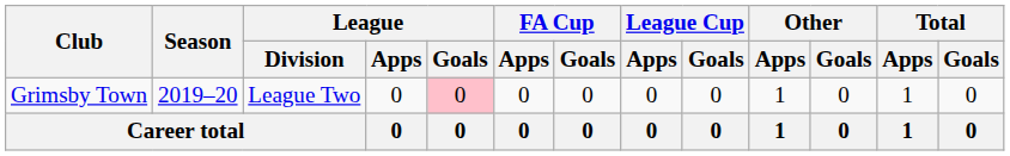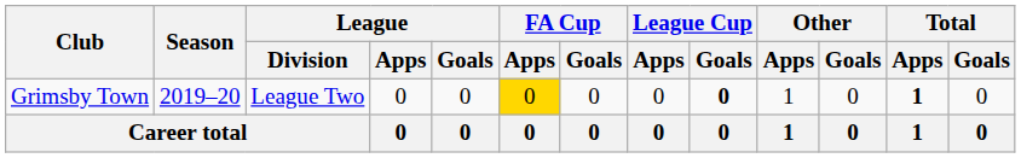 <table class="wikitable" style="text-align: center">
 <tr>
 <th rowspan="2">Club</th>
 <th rowspan="2">Season</th>
 <th colspan="3">League</th>
 <th colspan="2"><a href='#'>FA Cup</a></th>
 <th colspan="2"><a href='#'>League Cup</a></th>
 <th colspan="2">Other</th>
 <th colspan="2">Total</th>
 </tr>
 <tr>
 <th>Division</th>
 <th>Apps</th>
 <th>Goals</th>
 <th>Apps</th>
 <th>Goals</th>
 <th>Apps</th>
 <th>Goals</th>
 <th>Apps</th>
 <th>Goals</th>
 <th>Apps</th>
 <th>Goals</th>
 </tr>
 <tr>
 <td><a href='#'>Grimsby Town</a></td>
 <td><a href='#'>2019–20</a></td>
 <td><a href='#'>League Two</a></td>
 <td>0</td>
-<td style="background: pink;">0</td>
+<td>0</td>
+<td style="background: gold;">0</td>
 <td>0</td>
 <td>0</td>
-<td>0</td>
-<td>0</td>
+<td><strong>0</strong></td>
 <td>1</td>
 <td>0</td>
-<td>1</td>
+<td><strong>1</strong></td>
 <td>0</td>
 </tr>
 <tr>
 <th colspan="3">Career total</th>
 <th>0</th>
 <th>0</th>
 <th>0</th>
 <th>0</th>
 <th>0</th>
 <th>0</th>
 <th>1</th>
 <th>0</th>
 <th>1</th>
 <th>0</th>
 </tr>
 </table>
